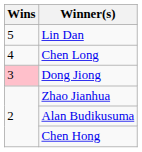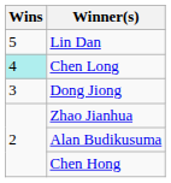 <table class="wikitable">
 <tr>
 <th>Wins</th>
 <th>Winner(s)</th>
 </tr>
 <tr>
 <td rowspan="1">5</td>
 <td><a href='#'>Lin Dan</a> </td>
 </tr>
 <tr>
-<td rowspan="1">4</td>
+<td rowspan="1" style="background: paleturquoise;">4</td>
 <td><a href='#'>Chen Long</a> </td>
 </tr>
 <tr>
-<td rowspan="1" style="background: pink;">3</td>
+<td rowspan="1">3</td>
 <td><a href='#'>Dong Jiong</a> </td>
 </tr>
 <tr>
 <td rowspan="3">2</td>
 <td><a href='#'>Zhao Jianhua</a> </td>
 </tr>
 <tr>
 <td><a href='#'>Alan Budikusuma</a> </td>
 </tr>
 <tr>
 <td><a href='#'>Chen Hong</a> </td>
 </tr>
 </table>
